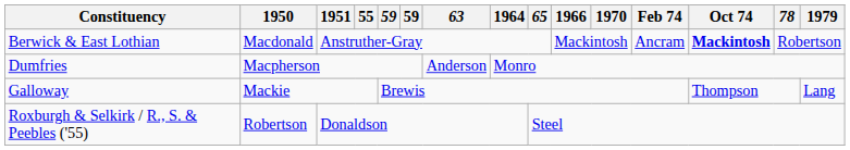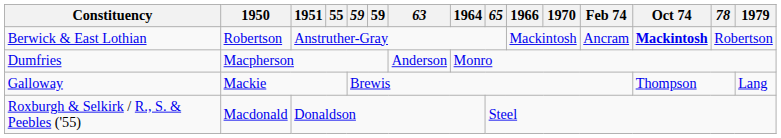 <table class="wikitable">
 <tr>
 <th>Constituency</th>
 <th>1950</th>
 <th>1951</th>
 <th>55</th>
 <th><em>59</em></th>
 <th>59</th>
 <th><em>63</em></th>
 <th>1964</th>
 <th><em>65</em></th>
 <th>1966</th>
 <th>1970</th>
 <th>Feb 74</th>
 <th>Oct 74</th>
 <th><em>78</em></th>
 <th>1979</th>
 </tr>
 <tr>
 <td><a href='#'>Berwick & East Lothian</a></td>
-<td><a href='#'>Macdonald</a></td>
+<td><a href='#'>Robertson</a></td>
 <td colspan="7"><a href='#'>Anstruther-Gray</a></td>
 <td colspan="2"><a href='#'>Mackintosh</a></td>
 <td><a href='#'>Ancram</a></td>
 <td><strong><a href='#'>Mackintosh</a></strong></td>
 <td colspan="2"><a href='#'>Robertson</a></td>
 </tr>
 <tr>
 <td><a href='#'>Dumfries</a></td>
 <td colspan="5"><a href='#'>Macpherson</a></td>
 <td><a href='#'>Anderson</a></td>
 <td colspan="8"><a href='#'>Monro</a></td>
 </tr>
 <tr>
 <td><a href='#'>Galloway</a></td>
 <td colspan="3"><a href='#'>Mackie</a></td>
 <td colspan="8"><a href='#'>Brewis</a></td>
 <td colspan="2"><a href='#'>Thompson</a></td>
 <td><a href='#'>Lang</a></td>
 </tr>
 <tr>
 <td><a href='#'>Roxburgh & Selkirk</a> / <a href='#'>R., S. & Peebles</a> ('55)</td>
-<td><a href='#'>Robertson</a></td>
+<td><a href='#'>Macdonald</a></td>
 <td colspan="6"><a href='#'>Donaldson</a></td>
 <td colspan="7"><a href='#'>Steel</a></td>
 </tr>
 </table>
